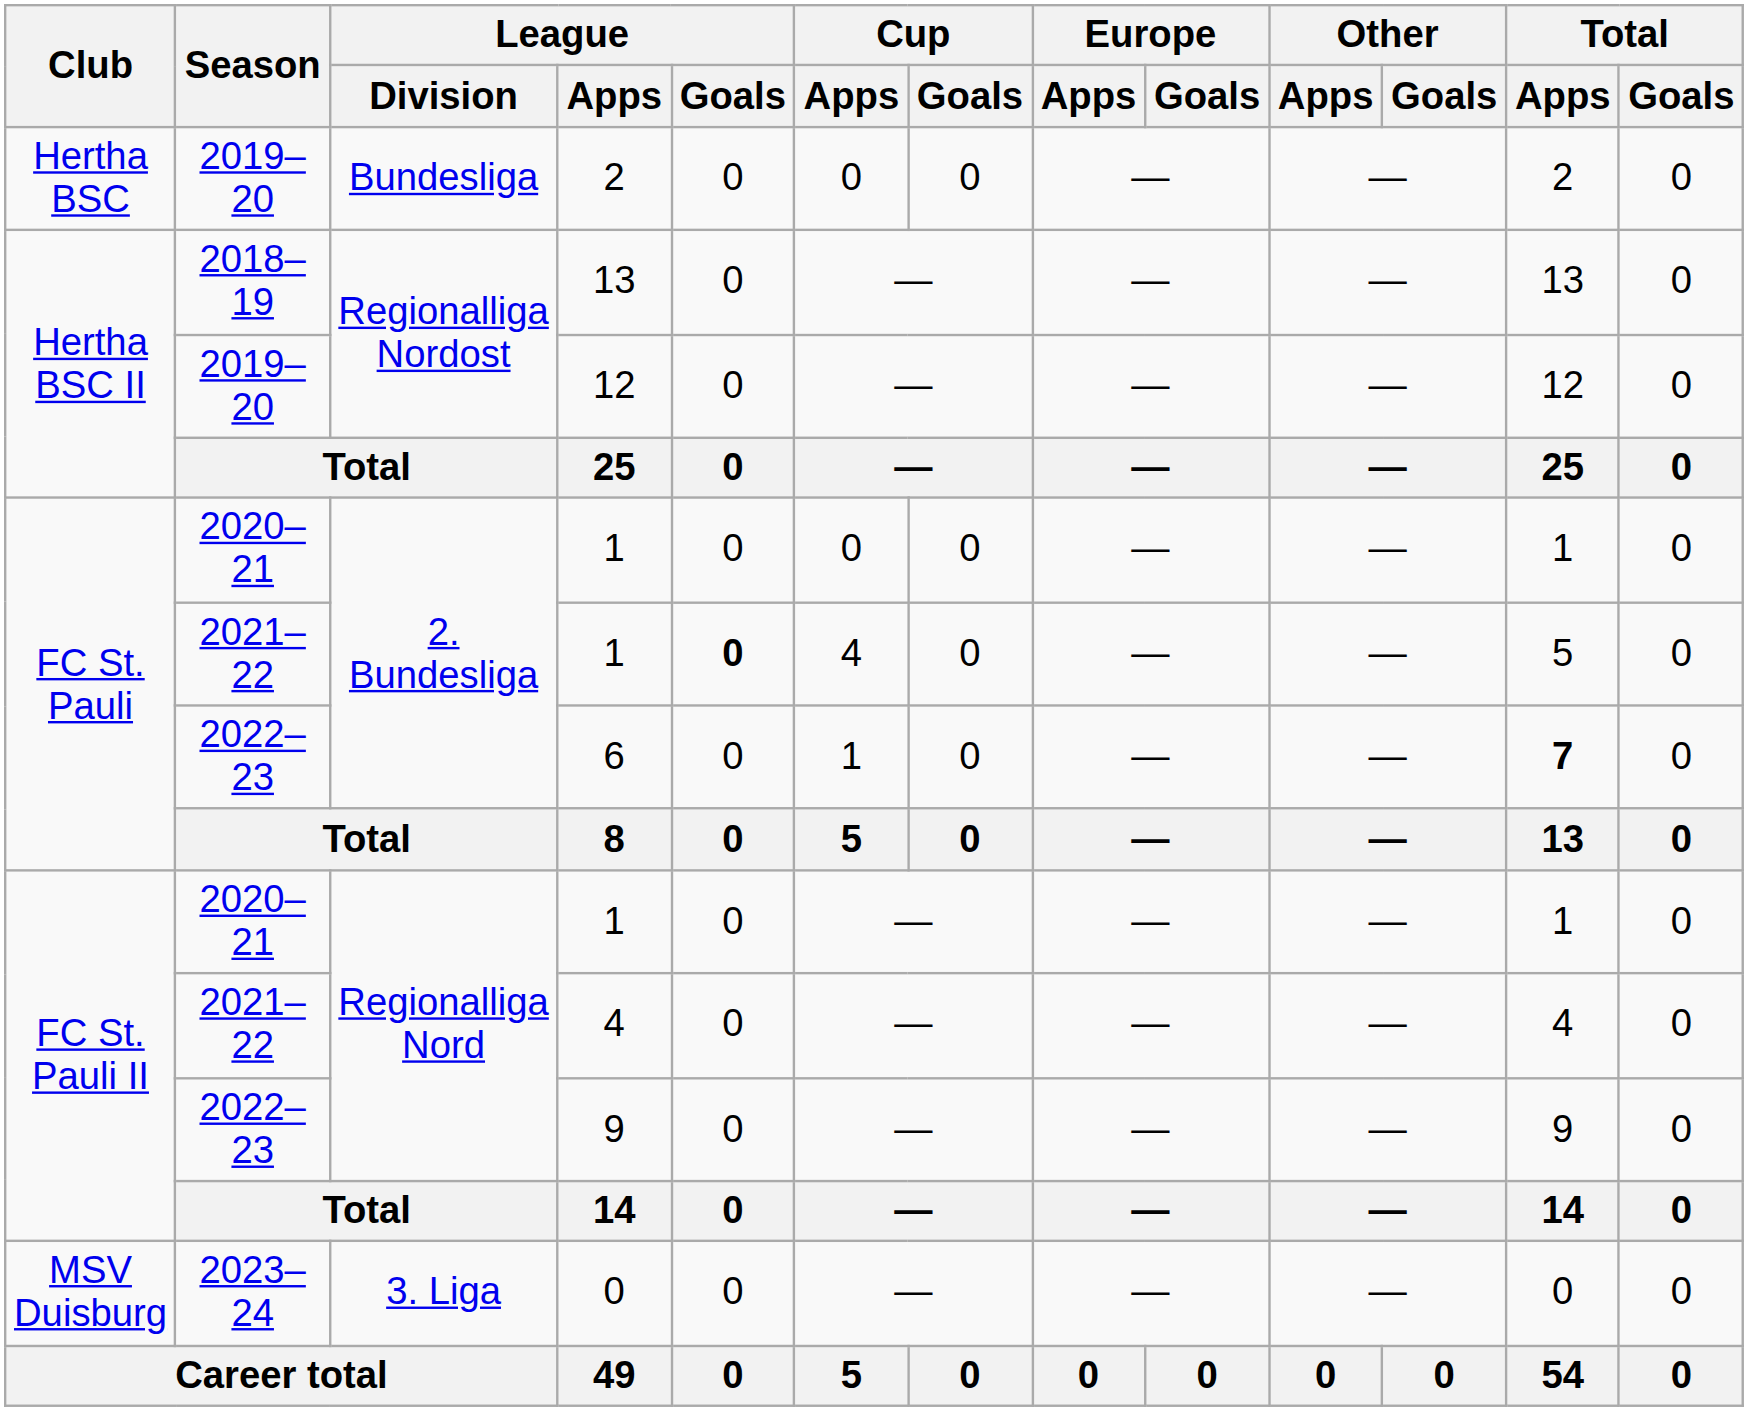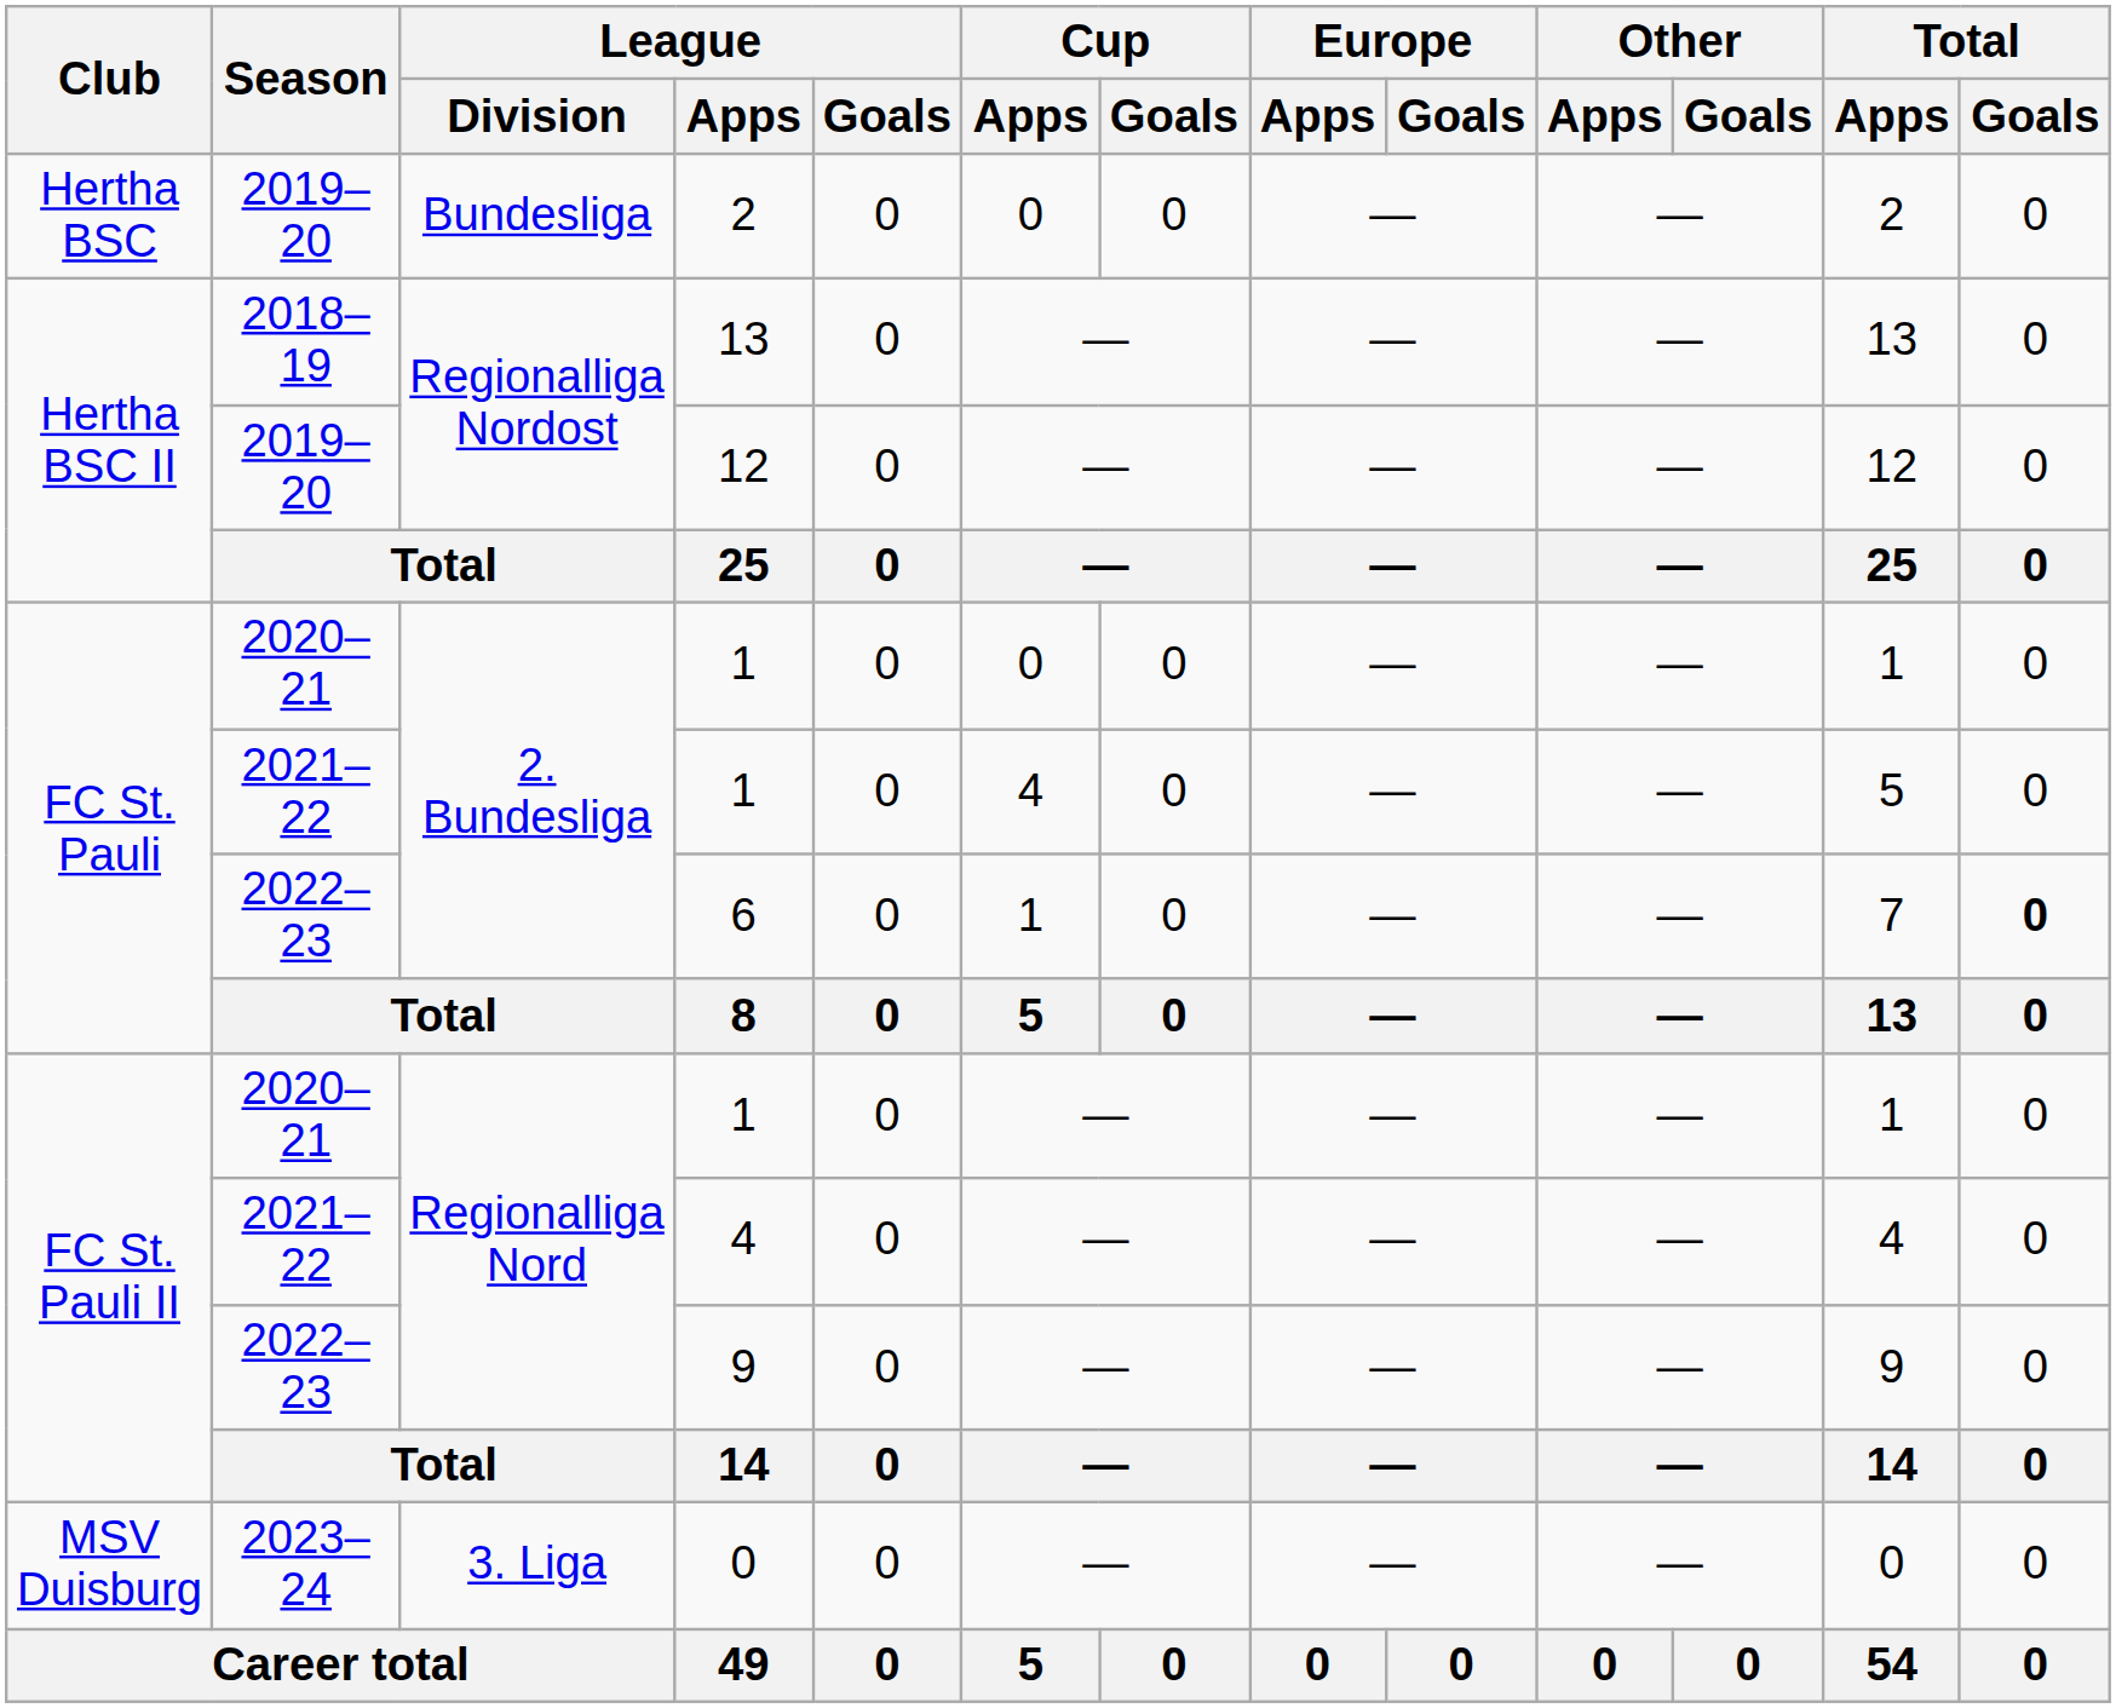 <table class=wikitable style=text-align:center>
 <tr>
 <th rowspan="2">Club</th>
 <th rowspan="2">Season</th>
 <th colspan="3">League</th>
 <th colspan="2">Cup</th>
 <th colspan="2">Europe</th>
 <th colspan="2">Other</th>
 <th colspan="2">Total</th>
 </tr>
 <tr>
 <th>Division</th>
 <th>Apps</th>
 <th>Goals</th>
 <th>Apps</th>
 <th>Goals</th>
 <th>Apps</th>
 <th>Goals</th>
 <th>Apps</th>
 <th>Goals</th>
 <th>Apps</th>
 <th>Goals</th>
 </tr>
 <tr>
 <td><a href='#'>Hertha BSC</a></td>
 <td><a href='#'>2019–20</a></td>
 <td><a href='#'>Bundesliga</a></td>
 <td>2</td>
 <td>0</td>
 <td>0</td>
 <td>0</td>
 <td colspan="2">—</td>
 <td colspan="2">—</td>
 <td>2</td>
 <td>0</td>
 </tr>
 <tr>
 <td rowspan="3"><a href='#'>Hertha BSC II</a></td>
 <td><a href='#'>2018–19</a></td>
 <td rowspan="2"><a href='#'>Regionalliga Nordost</a></td>
 <td>13</td>
 <td>0</td>
 <td colspan="2">—</td>
 <td colspan="2">—</td>
 <td colspan="2">—</td>
 <td>13</td>
 <td>0</td>
 </tr>
 <tr>
 <td><a href='#'>2019–20</a></td>
 <td>12</td>
 <td>0</td>
 <td colspan="2">—</td>
 <td colspan="2">—</td>
 <td colspan="2">—</td>
 <td>12</td>
 <td>0</td>
 </tr>
 <tr>
 <th colspan="2">Total</th>
 <th>25</th>
 <th>0</th>
 <th colspan="2">—</th>
 <th colspan="2">—</th>
 <th colspan="2">—</th>
 <th>25</th>
 <th>0</th>
 </tr>
 <tr>
 <td rowspan="4"><a href='#'>FC St. Pauli</a></td>
 <td><a href='#'>2020–21</a></td>
 <td rowspan="3"><a href='#'>2. Bundesliga</a></td>
 <td>1</td>
 <td>0</td>
 <td>0</td>
 <td>0</td>
 <td colspan="2">—</td>
 <td colspan="2">—</td>
 <td>1</td>
 <td>0</td>
 </tr>
 <tr>
 <td><a href='#'>2021–22</a></td>
 <td>1</td>
-<td><strong>0</strong></td>
+<td>0</td>
 <td>4</td>
 <td>0</td>
 <td colspan="2">—</td>
 <td colspan="2">—</td>
 <td>5</td>
 <td>0</td>
 </tr>
 <tr>
 <td><a href='#'>2022–23</a></td>
 <td>6</td>
 <td>0</td>
 <td>1</td>
 <td>0</td>
 <td colspan="2">—</td>
 <td colspan="2">—</td>
-<td><strong>7</strong></td>
-<td>0</td>
+<td>7</td>
+<td><strong>0</strong></td>
 </tr>
 <tr>
 <th colspan="2">Total</th>
 <th>8</th>
 <th>0</th>
 <th>5</th>
 <th>0</th>
 <th colspan="2">—</th>
 <th colspan="2">—</th>
 <th>13</th>
 <th>0</th>
 </tr>
 <tr>
 <td rowspan="4"><a href='#'>FC St. Pauli II</a></td>
 <td><a href='#'>2020–21</a></td>
 <td rowspan="3"><a href='#'>Regionalliga Nord</a></td>
 <td>1</td>
 <td>0</td>
 <td colspan="2">—</td>
 <td colspan="2">—</td>
 <td colspan="2">—</td>
 <td>1</td>
 <td>0</td>
 </tr>
 <tr>
 <td><a href='#'>2021–22</a></td>
 <td>4</td>
 <td>0</td>
 <td colspan="2">—</td>
 <td colspan="2">—</td>
 <td colspan="2">—</td>
 <td>4</td>
 <td>0</td>
 </tr>
 <tr>
 <td><a href='#'>2022–23</a></td>
 <td>9</td>
 <td>0</td>
 <td colspan="2">—</td>
 <td colspan="2">—</td>
 <td colspan="2">—</td>
 <td>9</td>
 <td>0</td>
 </tr>
 <tr>
 <th colspan="2">Total</th>
 <th>14</th>
 <th>0</th>
 <th colspan="2">—</th>
 <th colspan="2">—</th>
 <th colspan="2">—</th>
 <th>14</th>
 <th>0</th>
 </tr>
 <tr>
 <td><a href='#'>MSV Duisburg</a></td>
 <td><a href='#'>2023–24</a></td>
 <td><a href='#'>3. Liga</a></td>
 <td>0</td>
 <td>0</td>
 <td colspan="2">—</td>
 <td colspan="2">—</td>
 <td colspan="2">—</td>
 <td>0</td>
 <td>0</td>
 </tr>
 <tr>
 <th colspan="3">Career total</th>
 <th>49</th>
 <th>0</th>
 <th>5</th>
 <th>0</th>
 <th>0</th>
 <th>0</th>
 <th>0</th>
 <th>0</th>
 <th>54</th>
 <th>0</th>
 </tr>
 </table>
